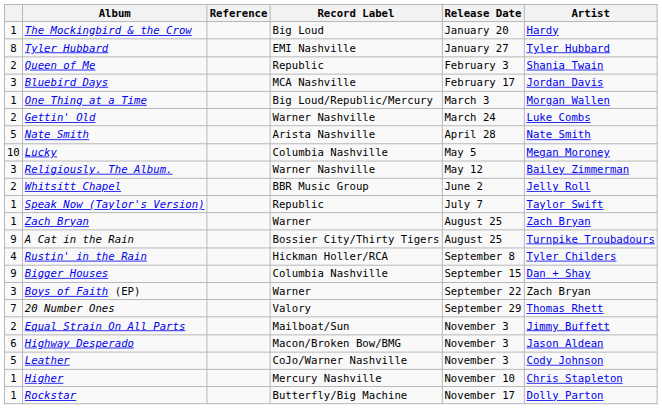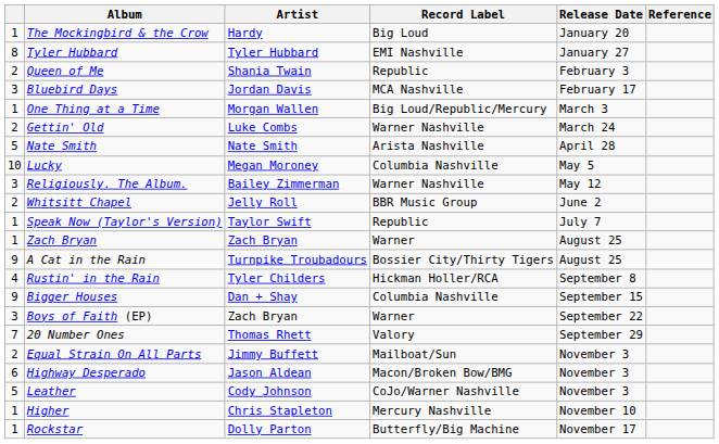 <table class="wikitable sortable">
 <tr>
 <th></th>
 <th>Album</th>
-<th>Reference</th>
+<th>Artist</th>
 <th>Record Label</th>
 <th>Release Date</th>
-<th>Artist</th>
+<th>Reference</th>
 </tr>
 <tr>
 <td style="text-align:center;">1</td>
 <td><em><a href='#'>The Mockingbird & the Crow</a></em></td>
-<td></td>
+<td><a href='#'>Hardy</a></td>
 <td>Big Loud</td>
 <td>January 20</td>
-<td><a href='#'>Hardy</a></td>
+<td></td>
 </tr>
 <tr>
 <td style="text-align:center;">8</td>
 <td><em><a href='#'>Tyler Hubbard</a></em></td>
-<td></td>
+<td><a href='#'>Tyler Hubbard</a></td>
 <td>EMI Nashville</td>
 <td>January 27</td>
-<td><a href='#'>Tyler Hubbard</a></td>
+<td></td>
 </tr>
 <tr>
 <td style="text-align:center;">2</td>
 <td><em><a href='#'>Queen of Me</a></em></td>
-<td></td>
+<td><a href='#'>Shania Twain</a></td>
 <td>Republic</td>
 <td>February 3</td>
-<td><a href='#'>Shania Twain</a></td>
+<td></td>
 </tr>
 <tr>
 <td style="text-align:center;">3</td>
 <td><em><a href='#'>Bluebird Days</a></em></td>
-<td></td>
+<td><a href='#'>Jordan Davis</a></td>
 <td>MCA Nashville</td>
 <td>February 17</td>
-<td><a href='#'>Jordan Davis</a></td>
+<td></td>
 </tr>
 <tr>
 <td style="text-align:center;">1</td>
 <td><em><a href='#'>One Thing at a Time</a></em></td>
-<td></td>
+<td><a href='#'>Morgan Wallen</a></td>
 <td>Big Loud/Republic/Mercury</td>
 <td>March 3</td>
-<td><a href='#'>Morgan Wallen</a></td>
+<td></td>
 </tr>
 <tr>
 <td style="text-align:center;">2</td>
 <td><em><a href='#'>Gettin' Old</a></em></td>
-<td></td>
+<td><a href='#'>Luke Combs</a></td>
 <td>Warner Nashville</td>
 <td>March 24</td>
-<td><a href='#'>Luke Combs</a></td>
+<td></td>
 </tr>
 <tr>
 <td style="text-align:center;">5</td>
 <td><em><a href='#'>Nate Smith</a></em></td>
-<td></td>
+<td><a href='#'>Nate Smith</a></td>
 <td>Arista Nashville</td>
 <td>April 28</td>
-<td><a href='#'>Nate Smith</a></td>
+<td></td>
 </tr>
 <tr>
 <td style="text-align:center;">10</td>
 <td><em><a href='#'>Lucky</a></em></td>
-<td></td>
+<td><a href='#'>Megan Moroney</a></td>
 <td>Columbia Nashville</td>
 <td>May 5</td>
-<td><a href='#'>Megan Moroney</a></td>
+<td></td>
 </tr>
 <tr>
 <td style="text-align:center;">3</td>
 <td><em><a href='#'>Religiously. The Album.</a></em></td>
-<td></td>
+<td><a href='#'>Bailey Zimmerman</a></td>
 <td>Warner Nashville</td>
 <td>May 12</td>
-<td><a href='#'>Bailey Zimmerman</a></td>
+<td></td>
 </tr>
 <tr>
 <td style="text-align:center;">2</td>
 <td><em><a href='#'>Whitsitt Chapel</a></em></td>
-<td></td>
+<td><a href='#'>Jelly Roll</a></td>
 <td>BBR Music Group</td>
 <td>June 2</td>
-<td><a href='#'>Jelly Roll</a></td>
+<td></td>
 </tr>
 <tr>
 <td style="text-align:center;">1</td>
 <td><em><a href='#'>Speak Now (Taylor's Version)</a></em></td>
-<td></td>
+<td><a href='#'>Taylor Swift</a></td>
 <td>Republic</td>
 <td>July 7</td>
-<td><a href='#'>Taylor Swift</a></td>
+<td></td>
 </tr>
 <tr>
 <td style="text-align:center;">1</td>
 <td><em><a href='#'>Zach Bryan</a></em></td>
-<td></td>
+<td><a href='#'>Zach Bryan</a></td>
 <td>Warner</td>
 <td>August 25</td>
-<td><a href='#'>Zach Bryan</a></td>
+<td></td>
 </tr>
 <tr>
 <td style="text-align:center;">9</td>
 <td><em>A Cat in the Rain</em></td>
-<td></td>
+<td><a href='#'>Turnpike Troubadours</a></td>
 <td>Bossier City/Thirty Tigers</td>
 <td>August 25</td>
-<td><a href='#'>Turnpike Troubadours</a></td>
+<td></td>
 </tr>
 <tr>
 <td style="text-align:center;">4</td>
 <td><em><a href='#'>Rustin' in the Rain</a></em></td>
-<td></td>
+<td><a href='#'>Tyler Childers</a></td>
 <td>Hickman Holler/RCA</td>
 <td>September 8</td>
-<td><a href='#'>Tyler Childers</a></td>
+<td></td>
 </tr>
 <tr>
 <td style="text-align:center;">9</td>
 <td><em><a href='#'>Bigger Houses</a></em></td>
-<td></td>
+<td><a href='#'>Dan + Shay</a></td>
 <td>Columbia Nashville</td>
 <td>September 15</td>
-<td><a href='#'>Dan + Shay</a></td>
+<td></td>
 </tr>
 <tr>
 <td style="text-align:center;">3</td>
 <td><em><a href='#'>Boys of Faith</a></em> (EP)</td>
-<td></td>
+<td>Zach Bryan</td>
 <td>Warner</td>
 <td>September 22</td>
-<td>Zach Bryan</td>
+<td></td>
 </tr>
 <tr>
 <td style="text-align:center;">7</td>
 <td><em>20 Number Ones</em></td>
-<td></td>
+<td><a href='#'>Thomas Rhett</a></td>
 <td>Valory</td>
 <td>September 29</td>
-<td><a href='#'>Thomas Rhett</a></td>
+<td></td>
 </tr>
 <tr>
 <td style="text-align:center;">2</td>
 <td><em><a href='#'>Equal Strain On All Parts</a></em></td>
-<td></td>
+<td><a href='#'>Jimmy Buffett</a></td>
 <td>Mailboat/Sun</td>
 <td>November 3</td>
-<td><a href='#'>Jimmy Buffett</a></td>
+<td></td>
 </tr>
 <tr>
 <td style="text-align:center;">6</td>
 <td><em><a href='#'>Highway Desperado</a></em></td>
-<td></td>
+<td><a href='#'>Jason Aldean</a></td>
 <td>Macon/Broken Bow/BMG</td>
 <td>November 3</td>
-<td><a href='#'>Jason Aldean</a></td>
+<td></td>
 </tr>
 <tr>
 <td style="text-align:center;">5</td>
 <td><em><a href='#'>Leather</a></em></td>
-<td></td>
+<td><a href='#'>Cody Johnson</a></td>
 <td>CoJo/Warner Nashville</td>
 <td>November 3</td>
-<td><a href='#'>Cody Johnson</a></td>
+<td></td>
 </tr>
 <tr>
 <td style="text-align:center;">1</td>
 <td><em><a href='#'>Higher</a></em></td>
-<td></td>
+<td><a href='#'>Chris Stapleton</a></td>
 <td>Mercury Nashville</td>
 <td>November 10</td>
-<td><a href='#'>Chris Stapleton</a></td>
+<td></td>
 </tr>
 <tr>
 <td style="text-align:center;">1</td>
 <td><em><a href='#'>Rockstar</a></em></td>
-<td></td>
+<td><a href='#'>Dolly Parton</a></td>
 <td>Butterfly/Big Machine</td>
 <td>November 17</td>
-<td><a href='#'>Dolly Parton</a></td>
+<td></td>
 </tr>
 </table>
